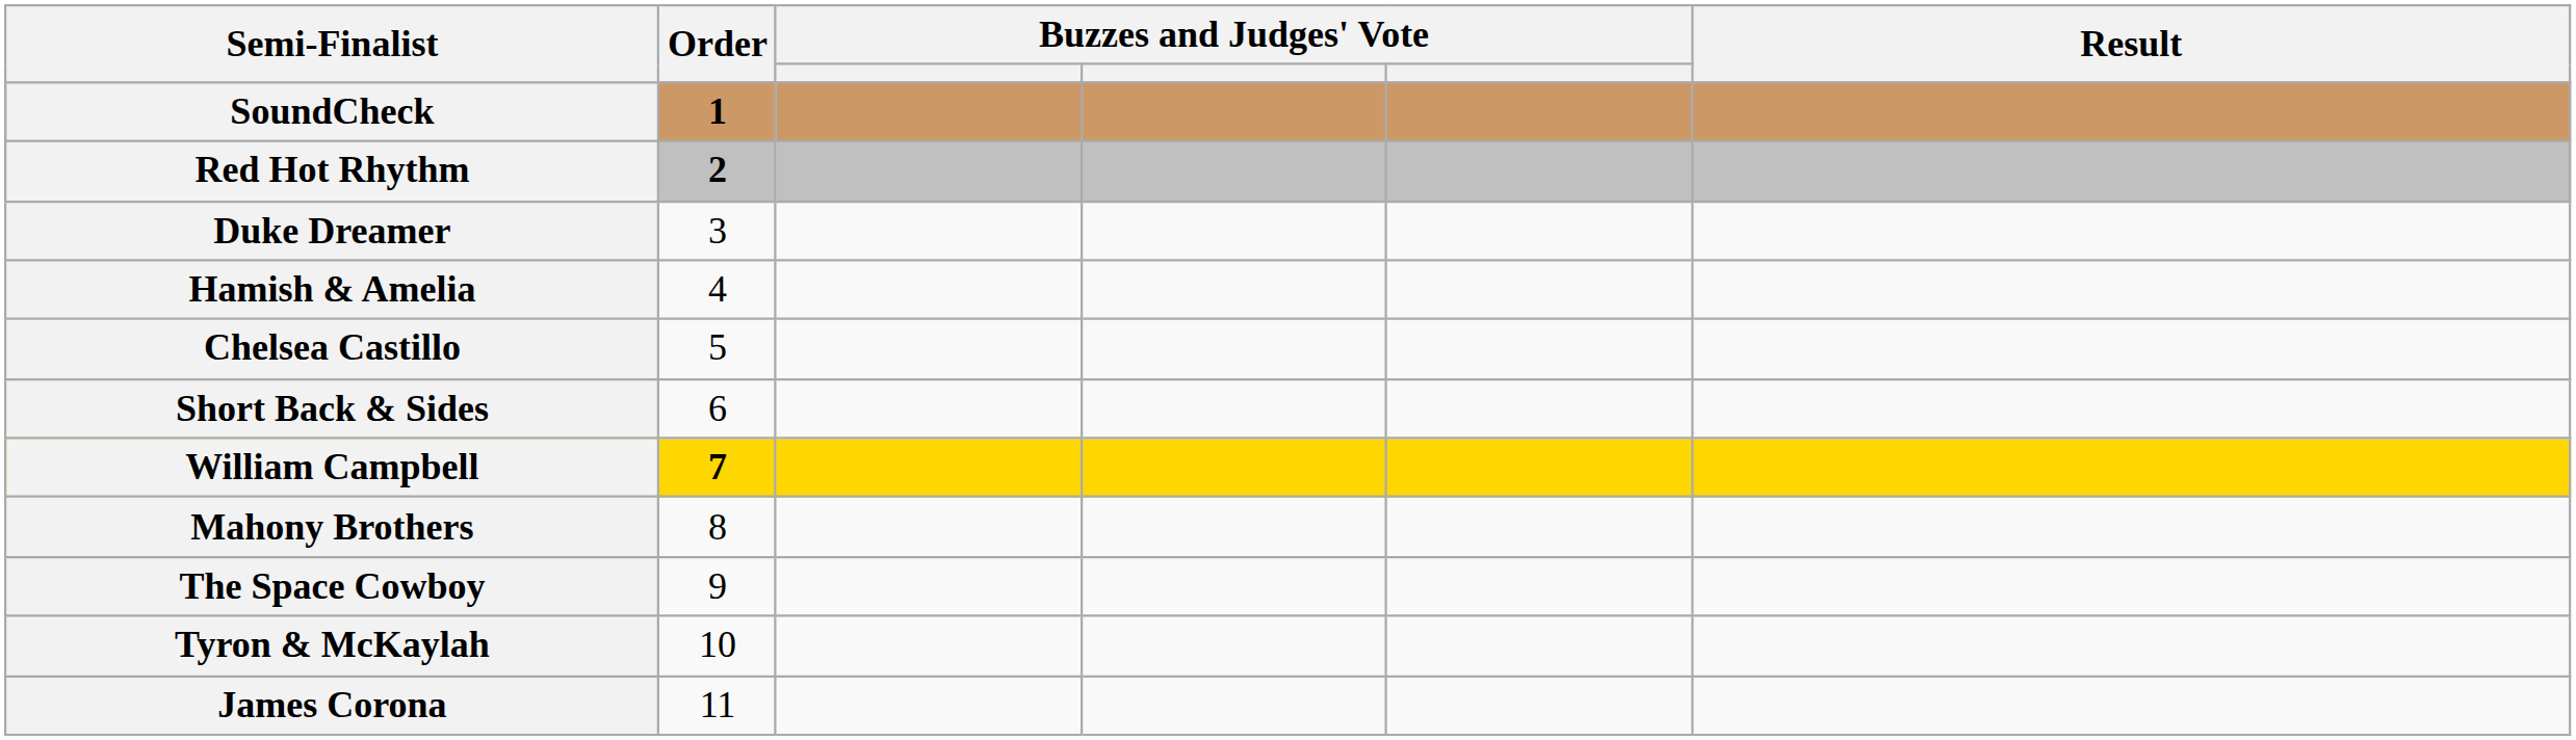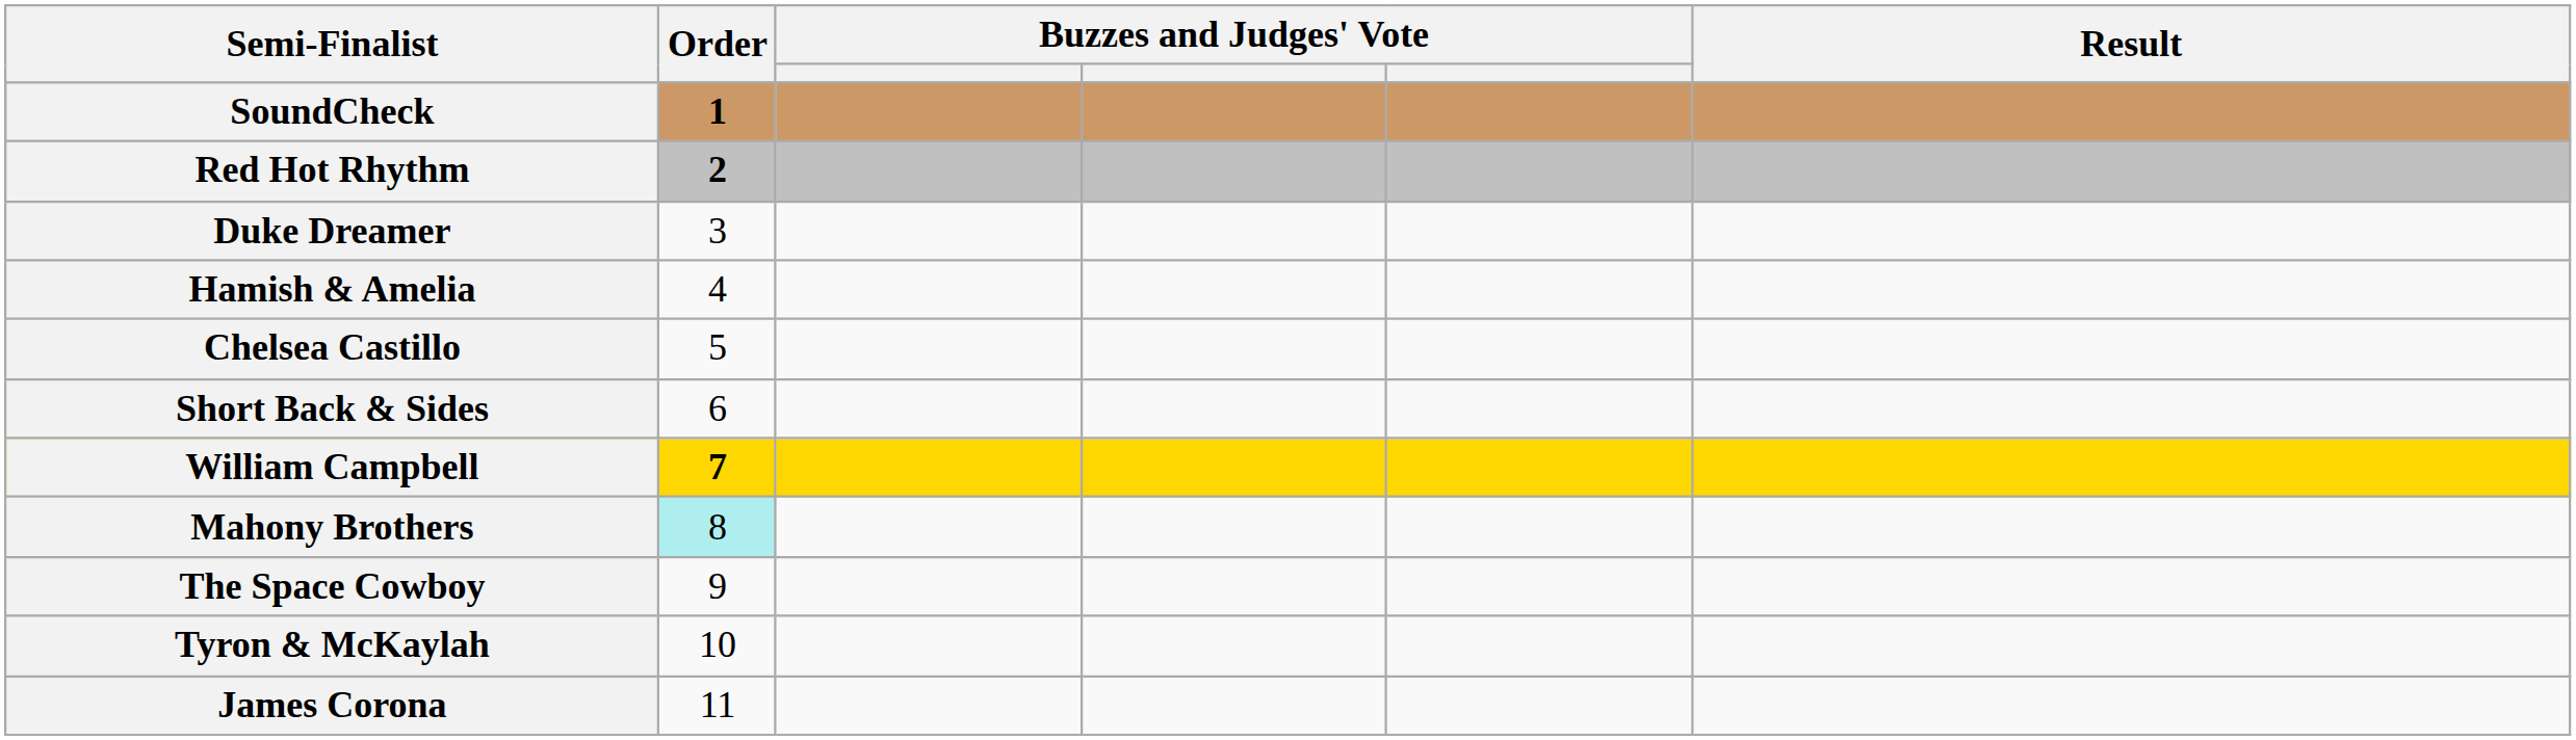 <table class="wikitable plainrowheaders sortable" style="text-align:center;">
 <tr>
 <th scope="col" rowspan=2 class="unsortable" style="width:17em;">Semi-Finalist</th>
 <th scope="col" rowspan=2 style="width:1em;">Order</th>
 <th scope="col" colspan=3 class="unsortable" style="width:24em;">Buzzes and Judges' Vote</th>
 <th scope="col" rowspan=2 style="width:23em;">Result</th>
 </tr>
 <tr>
 <th scope="col" class="unsortable" style="width:6em;"></th>
 <th scope="col" class="unsortable" style="width:6em;"></th>
 <th scope="col" class="unsortable" style="width:6em;"></th>
 </tr>
 <tr bgcolor=#c96>
 <th scope="row"><strong>SoundCheck</strong></th>
 <td><strong>1</strong></td>
 <td style="text-align:center;"></td>
 <td style="text-align:center;"></td>
 <td style="text-align:center;"></td>
 <td><strong></strong></td>
 </tr>
 <tr bgcolor=silver>
 <th scope="row"><strong>Red Hot Rhythm</strong></th>
 <td><strong>2</strong></td>
 <td style="text-align:center;"></td>
 <td style="text-align:center;"></td>
 <td style="text-align:center;"></td>
 <td><strong></strong></td>
 </tr>
 <tr>
 <th scope="row">Duke Dreamer</th>
 <td>3</td>
 <td style="text-align:center;"></td>
 <td style="text-align:center;"></td>
 <td style="text-align:center;"></td>
 <td></td>
 </tr>
 <tr>
 <th scope="row">Hamish & Amelia</th>
 <td>4</td>
 <td style="text-align:center;"></td>
 <td style="text-align:center;"></td>
 <td style="text-align:center;"></td>
 <td></td>
 </tr>
 <tr>
 <th scope="row">Chelsea Castillo</th>
 <td>5</td>
 <td style="text-align:center;"></td>
 <td style="text-align:center;"></td>
 <td style="text-align:center;"></td>
 <td></td>
 </tr>
 <tr>
 <th scope="row">Short Back & Sides</th>
 <td>6</td>
 <td style="text-align:center;"></td>
 <td style="text-align:center;"></td>
 <td style="text-align:center;"></td>
 <td></td>
 </tr>
 <tr bgcolor=gold>
 <th scope="row"><strong>William Campbell</strong></th>
 <td><strong>7</strong></td>
 <td style="text-align:center;"></td>
 <td style="text-align:center;"></td>
 <td style="text-align:center;"></td>
 <td><strong></strong></td>
 </tr>
 <tr>
 <th scope="row">Mahony Brothers</th>
-<td>8</td>
+<td style="background: paleturquoise;">8</td>
 <td style="text-align:center;"></td>
 <td style="text-align:center;"></td>
 <td style="text-align:center;"></td>
 <td></td>
 </tr>
 <tr>
 <th scope="row">The Space Cowboy</th>
 <td>9</td>
 <td style="text-align:center;"></td>
 <td style="text-align:center;"></td>
 <td style="text-align:center;"></td>
 <td></td>
 </tr>
 <tr>
 <th scope="row">Tyron & McKaylah</th>
 <td>10</td>
 <td style="text-align:center;"></td>
 <td style="text-align:center;"></td>
 <td style="text-align:center;"></td>
 <td></td>
 </tr>
 <tr>
 <th scope="row">James Corona</th>
 <td>11</td>
 <td style="text-align:center;"></td>
 <td style="text-align:center;"></td>
 <td style="text-align:center;"></td>
 <td></td>
 </tr>
 </table>
